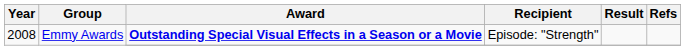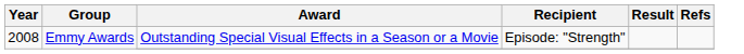 <table class="wikitable">
 <tr>
 <th>Year</th>
 <th>Group</th>
 <th>Award</th>
 <th>Recipient</th>
 <th>Result</th>
 <th>Refs</th>
 </tr>
 <tr>
 <td rowspan="6">2008</td>
 <td rowspan="2"><a href='#'>Emmy Awards</a></td>
-<td><strong><a href='#'>Outstanding Special Visual Effects in a Season or a Movie</a></strong></td>
+<td><a href='#'>Outstanding Special Visual Effects in a Season or a Movie</a></td>
 <td>Episode: "Strength"</td>
 <td></td>
 <td></td>
 </tr>
 <tr>
 </tr>
 </table>
